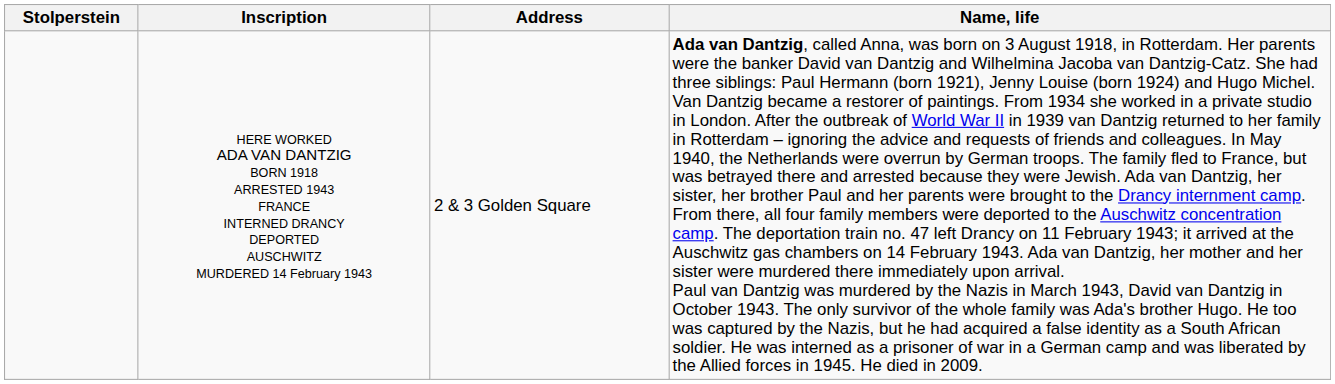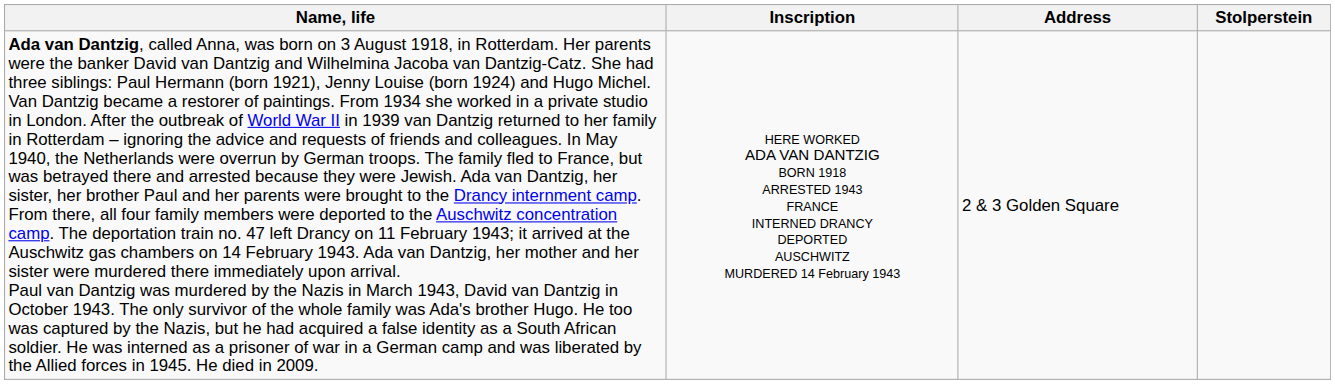 <table class="wikitable sortable toptextcells" style="width:100%">
 <tr class="hintergrundfarbe6">
-<th class="unsortable" style="width:120px">Stolperstein</th>
+<th>Name, life</th>
 <th class="unsortable" style="width:22%;">Inscription</th>
 <th data-sort-type="text" style="width:18%;">Address</th>
-<th>Name, life</th>
+<th class="unsortable" style="width:120px">Stolperstein</th>
 </tr>
 <tr>
-<td></td>
+<td><strong>Ada van Dantzig</strong>, called Anna, was born on 3 August 1918, in Rotterdam. Her parents were the banker David van Dantzig and Wilhelmina Jacoba van Dantzig-Catz. She had three siblings: Paul Hermann (born 1921), Jenny Louise (born 1924) and Hugo Michel. Van Dantzig became a restorer of paintings. From 1934 she worked in a private studio in London. After the outbreak of <a href='#'>World War II</a> in 1939 van Dantzig returned to her family in Rotterdam – ignoring the advice and requests of friends and colleagues. In May 1940, the Netherlands were overrun by German troops. The family fled to France, but was betrayed there and arrested because they were Jewish. Ada van Dantzig, her sister, her brother Paul and her parents were brought to the <a href='#'>Drancy internment camp</a>. From there, all four family members were deported to the <a href='#'>Auschwitz concentration camp</a>. The deportation train no. 47 left Drancy on 11 February 1943; it arrived at the Auschwitz gas chambers on 14 February 1943. Ada van Dantzig, her mother and her sister were murdered there immediately upon arrival.<br>Paul van Dantzig was murdered by the Nazis in March 1943, David van Dantzig in October 1943. The only survivor of the whole family was Ada's brother Hugo. He too was captured by the Nazis, but he had acquired a false identity as a South African soldier. He was interned as a prisoner of war in a German camp and was liberated by the Allied forces in 1945. He died in 2009.</td>
 <td style="font-size:90%; text-align:center;"><small>HERE WORKED</small><br>ADA VAN DANTZIG<br><small>BORN 1918<br>ARRESTED 1943<br>FRANCE<br>INTERNED DRANCY<br>DEPORTED<br>AUSCHWITZ<br>MURDERED 14 February 1943</small></td>
 <td>2 & 3 Golden Square<br></td>
-<td><strong>Ada van Dantzig</strong>, called Anna, was born on 3 August 1918, in Rotterdam. Her parents were the banker David van Dantzig and Wilhelmina Jacoba van Dantzig-Catz. She had three siblings: Paul Hermann (born 1921), Jenny Louise (born 1924) and Hugo Michel. Van Dantzig became a restorer of paintings. From 1934 she worked in a private studio in London. After the outbreak of <a href='#'>World War II</a> in 1939 van Dantzig returned to her family in Rotterdam – ignoring the advice and requests of friends and colleagues. In May 1940, the Netherlands were overrun by German troops. The family fled to France, but was betrayed there and arrested because they were Jewish. Ada van Dantzig, her sister, her brother Paul and her parents were brought to the <a href='#'>Drancy internment camp</a>. From there, all four family members were deported to the <a href='#'>Auschwitz concentration camp</a>. The deportation train no. 47 left Drancy on 11 February 1943; it arrived at the Auschwitz gas chambers on 14 February 1943. Ada van Dantzig, her mother and her sister were murdered there immediately upon arrival.<br>Paul van Dantzig was murdered by the Nazis in March 1943, David van Dantzig in October 1943. The only survivor of the whole family was Ada's brother Hugo. He too was captured by the Nazis, but he had acquired a false identity as a South African soldier. He was interned as a prisoner of war in a German camp and was liberated by the Allied forces in 1945. He died in 2009.</td>
+<td></td>
 </tr>
 </table>
